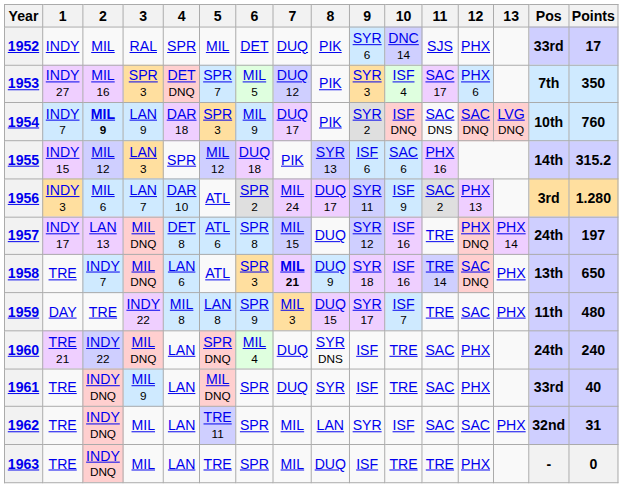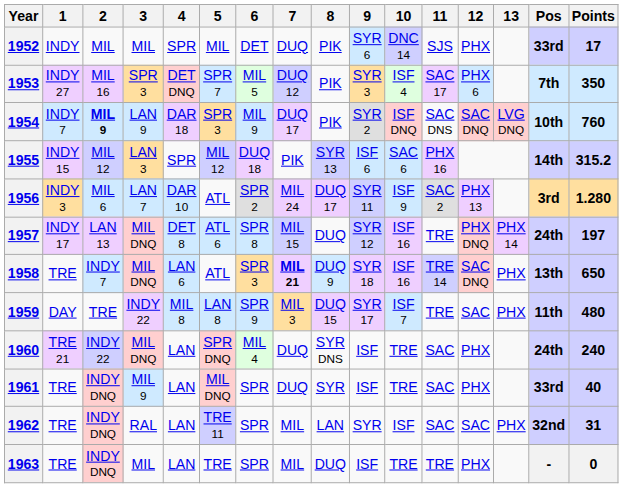 <table class="wikitable" style="text-align:center; font-size:90%">
 <tr>
 <th>Year</th>
 <th>1</th>
 <th>2</th>
 <th>3</th>
 <th>4</th>
 <th>5</th>
 <th>6</th>
 <th>7</th>
 <th>8</th>
 <th>9</th>
 <th>10</th>
 <th>11</th>
 <th>12</th>
 <th>13</th>
 <th>Pos</th>
 <th>Points</th>
 </tr>
 <tr>
 <th rowspan=1><a href='#'>1952</a></th>
 <td><a href='#'>INDY</a></td>
 <td><a href='#'>MIL</a></td>
-<td><a href='#'>RAL</a></td>
+<td><a href='#'>MIL</a></td>
 <td><a href='#'>SPR</a></td>
 <td><a href='#'>MIL</a></td>
 <td><a href='#'>DET</a></td>
 <td><a href='#'>DUQ</a></td>
 <td><a href='#'>PIK</a></td>
 <td style="background:#CFEAFF;"><a href='#'>SYR</a><br><small>6</small></td>
 <td style="background:#CFCFFF;"><a href='#'>DNC</a><br><small>14</small></td>
 <td><a href='#'>SJS</a></td>
 <td><a href='#'>PHX</a></td>
 <td colspan=1></td>
 <th style="background:#CFCFFF;">33rd</th>
 <th style="background:#CFCFFF;">17</th>
 </tr>
 <tr>
 <th rowspan=1><a href='#'>1953</a></th>
 <td style="background:#EFCFFF;"><a href='#'>INDY</a><br><small>27</small></td>
 <td style="background:#EFCFFF;"><a href='#'>MIL</a><br><small>16</small></td>
 <td style="background:#FFDF9F;"><a href='#'>SPR</a><br><small>3</small></td>
 <td style="background:#FFCFCF;"><a href='#'>DET</a><br><small>DNQ</small></td>
 <td style="background:#CFEAFF;"><a href='#'>SPR</a><br><small>7</small></td>
 <td style="background:#DFFFDF;"><a href='#'>MIL</a><br><small>5</small></td>
 <td style="background:#CFCFFF;"><a href='#'>DUQ</a><br><small>12</small></td>
 <td><a href='#'>PIK</a></td>
 <td style="background:#FFDF9F;"><a href='#'>SYR</a><br><small>3</small></td>
 <td style="background:#DFFFDF;"><a href='#'>ISF</a><br><small>4</small></td>
 <td style="background:#EFCFFF;"><a href='#'>SAC</a><br><small>17</small></td>
 <td style="background:#CFEAFF;"><a href='#'>PHX</a><br><small>6</small></td>
 <td colspan=1></td>
 <th style="background:#CFEAFF;">7th</th>
 <th style="background:#CFEAFF;">350</th>
 </tr>
 <tr>
 <th rowspan=1><a href='#'>1954</a></th>
 <td style="background:#CFEAFF;"><a href='#'>INDY</a><br><small>7</small></td>
 <td style="background:#CFEAFF;"><strong><a href='#'>MIL</a><br><small>9</small></strong></td>
 <td style="background:#CFEAFF;"><a href='#'>LAN</a><br><small>9</small></td>
 <td style="background:#EFCFFF;"><a href='#'>DAR</a><br><small>18</small></td>
 <td style="background:#FFDF9F;"><a href='#'>SPR</a><br><small>3</small></td>
 <td style="background:#CFEAFF;"><a href='#'>MIL</a><br><small>9</small></td>
 <td style="background:#EFCFFF;"><a href='#'>DUQ</a><br><small>17</small></td>
 <td><a href='#'>PIK</a></td>
 <td style="background:#DFDFDF;"><a href='#'>SYR</a><br><small>2</small></td>
 <td style="background:#FFCFCF;"><a href='#'>ISF</a><br><small>DNQ</small></td>
 <td><a href='#'>SAC</a><br><small>DNS</small></td>
 <td style="background:#FFCFCF;"><a href='#'>SAC</a><br><small>DNQ</small></td>
 <td style="background:#FFCFCF;"><a href='#'>LVG</a><br><small>DNQ</small></td>
 <th style="background:#CFEAFF;">10th</th>
 <th style="background:#CFEAFF;">760</th>
 </tr>
 <tr>
 <th rowspan=1><a href='#'>1955</a></th>
 <td style="background:#EFCFFF;"><a href='#'>INDY</a><br><small>15</small></td>
 <td style="background:#CFCFFF;"><a href='#'>MIL</a><br><small>12</small></td>
 <td style="background:#FFDF9F;"><a href='#'>LAN</a><br><small>3</small></td>
 <td><a href='#'>SPR</a></td>
 <td style="background:#CFCFFF;"><a href='#'>MIL</a><br><small>12</small></td>
 <td style="background:#EFCFFF;"><a href='#'>DUQ</a><br><small>18</small></td>
 <td><a href='#'>PIK</a></td>
 <td style="background:#CFCFFF;"><a href='#'>SYR</a><br><small>13</small></td>
 <td style="background:#CFEAFF;"><a href='#'>ISF</a><br><small>6</small></td>
 <td style="background:#CFEAFF;"><a href='#'>SAC</a><br><small>6</small></td>
 <td style="background:#EFCFFF;"><a href='#'>PHX</a><br><small>16</small></td>
 <td colspan=2></td>
 <th style="background:#CFCFFF;">14th</th>
 <th style="background:#CFCFFF;">315.2</th>
 </tr>
 <tr>
 <th rowspan=1><a href='#'>1956</a></th>
 <td style="background:#FFDF9F;"><a href='#'>INDY</a><br><small>3</small></td>
 <td style="background:#CFEAFF;"><a href='#'>MIL</a><br><small>6</small></td>
 <td style="background:#CFEAFF;"><a href='#'>LAN</a><br><small>7</small></td>
 <td style="background:#CFEAFF;"><a href='#'>DAR</a><br><small>10</small></td>
 <td><a href='#'>ATL</a></td>
 <td style="background:#DFDFDF;"><a href='#'>SPR</a><br><small>2</small></td>
 <td style="background:#EFCFFF;"><a href='#'>MIL</a><br><small>24</small></td>
 <td style="background:#EFCFFF;"><a href='#'>DUQ</a><br><small>17</small></td>
 <td style="background:#CFCFFF;"><a href='#'>SYR</a><br><small>11</small></td>
 <td style="background:#CFEAFF;"><a href='#'>ISF</a><br><small>9</small></td>
 <td style="background:#DFDFDF;"><a href='#'>SAC</a><br><small>2</small></td>
 <td style="background:#EFCFFF;"><a href='#'>PHX</a><br><small>13</small></td>
 <td colspan=1></td>
 <th style="background:#FFDF9F;">3rd</th>
 <th style="background:#FFDF9F;">1.280</th>
 </tr>
 <tr>
 <th rowspan=1><a href='#'>1957</a></th>
 <td style="background:#EFCFFF;"><a href='#'>INDY</a><br><small>17</small></td>
 <td style="background:#EFCFFF;"><a href='#'>LAN</a><br><small>13</small></td>
 <td style="background:#FFCFCF;"><a href='#'>MIL</a><br><small>DNQ</small></td>
 <td style="background:#CFEAFF;"><a href='#'>DET</a><br><small>8</small></td>
 <td style="background:#CFEAFF;"><a href='#'>ATL</a><br><small>6</small></td>
 <td style="background:#CFEAFF;"><a href='#'>SPR</a><br><small>8</small></td>
 <td style="background:#CFCFFF;"><a href='#'>MIL</a><br><small>15</small></td>
 <td><a href='#'>DUQ</a></td>
 <td style="background:#CFCFFF;"><a href='#'>SYR</a><br><small>12</small></td>
 <td style="background:#EFCFFF;"><a href='#'>ISF</a><br><small>16</small></td>
 <td><a href='#'>TRE</a></td>
 <td style="background:#FFCFCF;"><a href='#'>PHX</a><br><small>DNQ</small></td>
 <td style="background:#EFCFFF;"><a href='#'>PHX</a><br><small>14</small></td>
 <th style="background:#CFCFFF;">24th</th>
 <th style="background:#CFCFFF;">197</th>
 </tr>
 <tr>
 <th rowspan=1><a href='#'>1958</a></th>
 <td><a href='#'>TRE</a></td>
 <td style="background:#CFEAFF;"><a href='#'>INDY</a><br><small>7</small></td>
 <td style="background:#FFCFCF;"><a href='#'>MIL</a><br><small>DNQ</small></td>
 <td style="background:#CFEAFF;"><a href='#'>LAN</a><br><small>6</small></td>
 <td><a href='#'>ATL</a></td>
 <td style="background:#FFDF9F;"><a href='#'>SPR</a><br><small>3</small></td>
 <td style="background:#EFCFFF;"><strong><a href='#'>MIL</a><br><small>21</small></strong></td>
 <td style="background:#CFEAFF;"><a href='#'>DUQ</a><br><small>9</small></td>
 <td style="background:#EFCFFF;"><a href='#'>SYR</a><br><small>18</small></td>
 <td style="background:#EFCFFF;"><a href='#'>ISF</a><br><small>16</small></td>
 <td style="background:#CFCFFF;"><a href='#'>TRE</a><br><small>14</small></td>
 <td style="background:#FFCFCF;"><a href='#'>SAC</a><br><small>DNQ</small></td>
 <td><a href='#'>PHX</a></td>
 <th style="background:#CFCFFF;">13th</th>
 <th style="background:#CFCFFF;">650</th>
 </tr>
 <tr>
 <th rowspan=1><a href='#'>1959</a></th>
 <td><a href='#'>DAY</a></td>
 <td><a href='#'>TRE</a></td>
 <td style="background:#efcfff;"><a href='#'>INDY</a><br><small>22</small></td>
 <td style="background:#cfeaff;"><a href='#'>MIL</a><br><small>8</small></td>
 <td style="background:#cfeaff;"><a href='#'>LAN</a><br><small>8</small></td>
 <td style="background:#cfeaff;"><a href='#'>SPR</a><br><small>9</small></td>
 <td style="background:#ffdf9f;"><a href='#'>MIL</a><br><small>3</small></td>
 <td style="background:#efcfff;"><a href='#'>DUQ</a><br><small>15</small></td>
 <td style="background:#efcfff;"><a href='#'>SYR</a><br><small>17</small></td>
 <td style="background:#cfeaff;"><a href='#'>ISF</a><br><small>7</small></td>
 <td><a href='#'>TRE</a></td>
 <td><a href='#'>SAC</a></td>
 <td><a href='#'>PHX</a></td>
 <th style="background:#CFCFFF;">11th</th>
 <th style="background:#CFCFFF;">480</th>
 </tr>
 <tr>
 <th><a href='#'>1960</a></th>
 <td style="background:#EFCFFF;"><a href='#'>TRE</a><br><small>21</small></td>
 <td style="background:#CFCFFF;"><a href='#'>INDY</a><br><small>22</small></td>
 <td style="background:#FFCFCF;"><a href='#'>MIL</a><br><small>DNQ</small></td>
 <td><a href='#'>LAN</a></td>
 <td style="background:#FFCFCF;"><a href='#'>SPR</a><br><small>DNQ</small></td>
 <td style="background:#DFFFDF;"><a href='#'>MIL</a><br><small>4</small></td>
 <td><a href='#'>DUQ</a></td>
 <td><a href='#'>SYR</a><br><small>DNS</small></td>
 <td><a href='#'>ISF</a></td>
 <td><a href='#'>TRE</a></td>
 <td><a href='#'>SAC</a></td>
 <td><a href='#'>PHX</a></td>
 <td colspan=1></td>
 <th style="background:#CFCFFF;">24th</th>
 <th style="background:#CFCFFF;">240</th>
 </tr>
 <tr>
 <th><a href='#'>1961</a></th>
 <td><a href='#'>TRE</a></td>
 <td style="background:#FFCFCF;"><a href='#'>INDY</a><br><small>DNQ</small></td>
 <td style="background:#cfeaff;"><a href='#'>MIL</a><br><small>9</small></td>
 <td><a href='#'>LAN</a></td>
 <td style="background:#FFCFCF;"><a href='#'>MIL</a><br><small>DNQ</small></td>
 <td><a href='#'>SPR</a></td>
 <td><a href='#'>DUQ</a></td>
 <td><a href='#'>SYR</a></td>
 <td><a href='#'>ISF</a></td>
 <td><a href='#'>TRE</a></td>
 <td><a href='#'>SAC</a></td>
 <td><a href='#'>PHX</a></td>
 <td colspan=1></td>
 <th style="background:#CFCFFF;">33rd</th>
 <th style="background:#CFCFFF;">40</th>
 </tr>
 <tr>
 <th><a href='#'>1962</a></th>
 <td><a href='#'>TRE</a></td>
 <td style="background:#FFCFCF;"><a href='#'>INDY</a><br><small>DNQ</small></td>
-<td><a href='#'>MIL</a></td>
+<td><a href='#'>RAL</a></td>
 <td><a href='#'>LAN</a></td>
 <td style="background:#CFCFFF;"><a href='#'>TRE</a><br><small>11</small></td>
 <td><a href='#'>SPR</a></td>
 <td><a href='#'>MIL</a></td>
 <td><a href='#'>LAN</a></td>
 <td><a href='#'>SYR</a></td>
 <td><a href='#'>ISF</a></td>
 <td><a href='#'>SAC</a></td>
 <td><a href='#'>SAC</a></td>
 <td><a href='#'>PHX</a></td>
 <th style="background:#CFCFFF;">32nd</th>
 <th style="background:#CFCFFF;">31</th>
 </tr>
 <tr>
 <th><a href='#'>1963</a></th>
 <td><a href='#'>TRE</a></td>
 <td style="background:#FFCFCF;"><a href='#'>INDY</a><br><small>DNQ</small></td>
 <td><a href='#'>MIL</a></td>
 <td><a href='#'>LAN</a></td>
 <td><a href='#'>TRE</a></td>
 <td><a href='#'>SPR</a></td>
 <td><a href='#'>MIL</a></td>
 <td><a href='#'>DUQ</a></td>
 <td><a href='#'>ISF</a></td>
 <td><a href='#'>TRE</a></td>
 <td><a href='#'>TRE</a></td>
 <td><a href='#'>PHX</a></td>
 <td colspan=1></td>
 <th>-</th>
 <th>0</th>
 </tr>
 </table>
